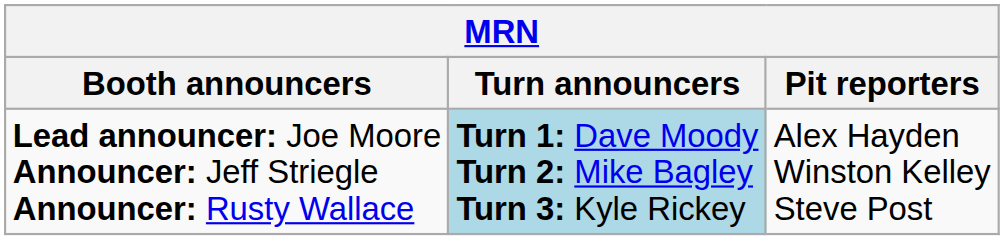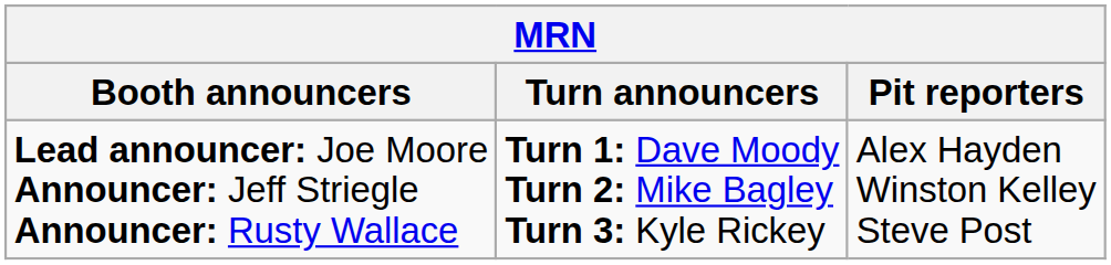 <table class="wikitable" style="font-size: 95%">
 <tr>
 <th colspan="3"><a href='#'>MRN</a></th>
 </tr>
 <tr>
 <th>Booth announcers</th>
 <th>Turn announcers</th>
 <th>Pit reporters</th>
 </tr>
 <tr>
 <td><strong>Lead announcer:</strong> Joe Moore<br><strong>Announcer:</strong> Jeff Striegle<br><strong>Announcer:</strong> <a href='#'>Rusty Wallace</a></td>
-<td style="background: lightblue;"><strong>Turn 1:</strong> <a href='#'>Dave Moody</a><br><strong>Turn 2:</strong> <a href='#'>Mike Bagley</a><br><strong>Turn 3:</strong> Kyle Rickey</td>
+<td><strong>Turn 1:</strong> <a href='#'>Dave Moody</a><br><strong>Turn 2:</strong> <a href='#'>Mike Bagley</a><br><strong>Turn 3:</strong> Kyle Rickey</td>
 <td>Alex Hayden<br>Winston Kelley<br>Steve Post</td>
 </tr>
 </table>
